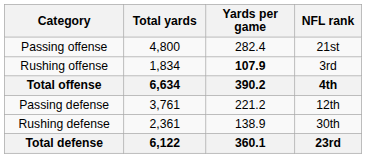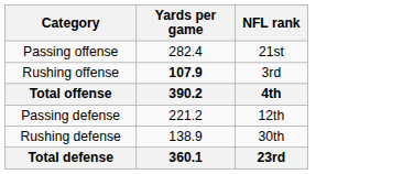 <table class="wikitable" style="text-align:center">
 <tr>
 <th width="150">Category</th>
-<th width="100">Total yards</th>
 <th width="110">Yards per game</th>
 <th width="80">NFL rank<br></th>
 </tr>
 <tr>
 <td>Passing offense</td>
-<td>4,800</td>
 <td>282.4</td>
 <td>21st</td>
 </tr>
 <tr>
 <td>Rushing offense</td>
-<td>1,834</td>
 <td><strong>107.9</strong></td>
 <td>3rd</td>
 </tr>
 <tr>
 <th>Total offense</th>
-<th>6,634</th>
 <th>390.2</th>
 <th>4th</th>
 </tr>
 <tr>
 <td>Passing defense</td>
-<td>3,761</td>
 <td>221.2</td>
 <td>12th</td>
 </tr>
 <tr>
 <td>Rushing defense</td>
-<td>2,361</td>
 <td>138.9</td>
 <td>30th</td>
 </tr>
 <tr>
 <th>Total defense</th>
-<th>6,122</th>
 <th>360.1</th>
 <th>23rd</th>
 </tr>
 </table>
